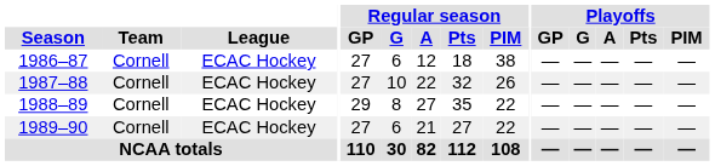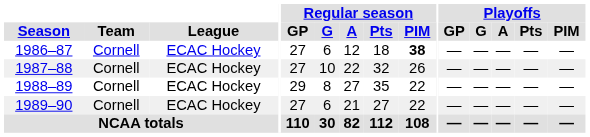 <table border="0" cellpadding="1" cellspacing="0" style="text-align:center; width:50%">
 <tr bgcolor="#e0e0e0">
 <th colspan="3" bgcolor="#ffffff"></th>
 <th rowspan="99" bgcolor="#ffffff"></th>
 <th colspan="5"><a href='#'>Regular season</a></th>
 <th rowspan="99" bgcolor="#ffffff"></th>
 <th colspan="5"><a href='#'>Playoffs</a></th>
 </tr>
 <tr bgcolor="#e0e0e0">
 <th><a href='#'>Season</a></th>
 <th>Team</th>
 <th>League</th>
 <th>GP</th>
 <th><a href='#'>G</a></th>
 <th><a href='#'>A</a></th>
 <th><a href='#'>Pts</a></th>
 <th><a href='#'>PIM</a></th>
 <th>GP</th>
 <th>G</th>
 <th>A</th>
 <th>Pts</th>
 <th>PIM</th>
 </tr>
 <tr ALIGN="center">
 <td><a href='#'>1986–87</a></td>
 <td><a href='#'>Cornell</a></td>
 <td><a href='#'>ECAC Hockey</a></td>
 <td>27</td>
 <td>6</td>
 <td>12</td>
 <td>18</td>
-<td>38</td>
+<td><strong>38</strong></td>
 <td>—</td>
 <td>—</td>
 <td>—</td>
 <td>—</td>
 <td>—</td>
 </tr>
 <tr ALIGN="center" bgcolor="#f0f0f0">
 <td><a href='#'>1987–88</a></td>
 <td>Cornell</td>
 <td>ECAC Hockey</td>
 <td>27</td>
 <td>10</td>
 <td>22</td>
 <td>32</td>
 <td>26</td>
 <td>—</td>
 <td>—</td>
 <td>—</td>
 <td>—</td>
 <td>—</td>
 </tr>
 <tr ALIGN="center">
 <td><a href='#'>1988–89</a></td>
 <td>Cornell</td>
 <td>ECAC Hockey</td>
 <td>29</td>
 <td>8</td>
 <td>27</td>
 <td>35</td>
 <td>22</td>
 <td>—</td>
 <td>—</td>
 <td>—</td>
 <td>—</td>
 <td>—</td>
 </tr>
 <tr ALIGN="center" bgcolor="#f0f0f0">
 <td><a href='#'>1989–90</a></td>
 <td>Cornell</td>
 <td>ECAC Hockey</td>
 <td>27</td>
 <td>6</td>
 <td>21</td>
 <td>27</td>
 <td>22</td>
 <td>—</td>
 <td>—</td>
 <td>—</td>
 <td>—</td>
 <td>—</td>
 </tr>
 <tr bgcolor="#e0e0e0">
 <th colspan="3">NCAA totals</th>
 <th>110</th>
 <th>30</th>
 <th>82</th>
 <th>112</th>
 <th>108</th>
 <th>—</th>
 <th>—</th>
 <th>—</th>
 <th>—</th>
 <th>—</th>
 </tr>
 </table>
